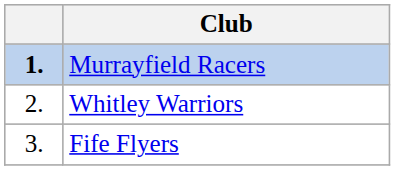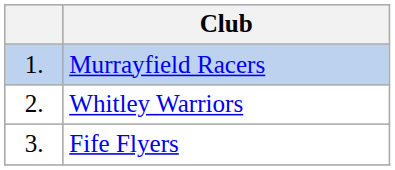 <table class="wikitable">
 <tr>
 <th width="30"></th>
 <th width="200">Club</th>
 </tr>
 <tr bgcolor="#BCD2EE" align="center">
-<td><strong>1.</strong></td>
+<td>1.</td>
 <td align="left"><a href='#'>Murrayfield Racers</a></td>
 </tr>
 <tr bgcolor="#FFFFFF" align="center">
 <td>2.</td>
 <td align="left"><a href='#'>Whitley Warriors</a></td>
 </tr>
 <tr bgcolor="#FFFFFF" align="center">
 <td>3.</td>
 <td align="left"><a href='#'>Fife Flyers</a></td>
 </tr>
 </table>
